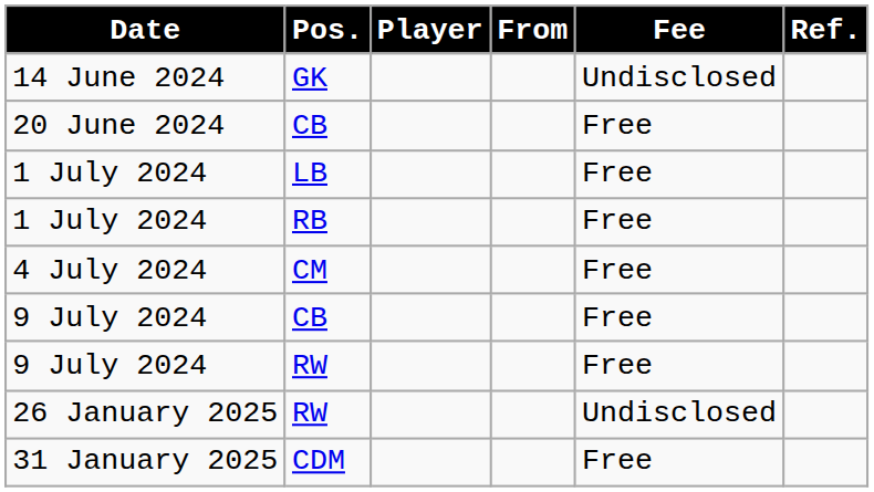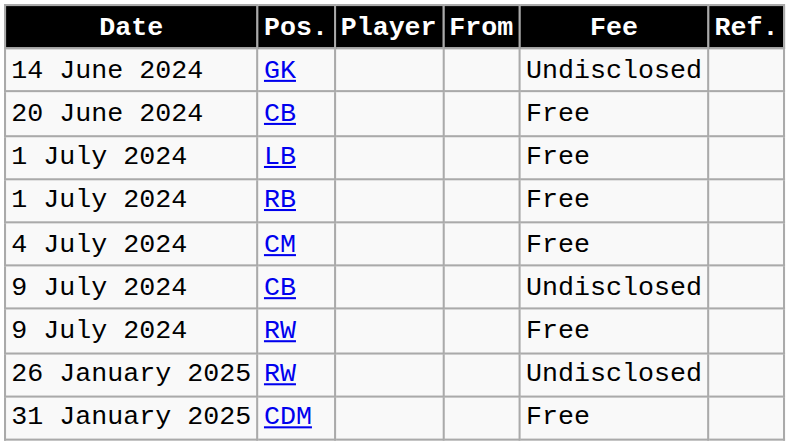 <table class="wikitable plainrowheaders sortable">
 <tr>
 <th style="background:black; color:#FFFFFF;">Date</th>
 <th style="background:black; color:#FFFFFF;">Pos.</th>
 <th style="background:black; color:#FFFFFF;">Player</th>
 <th style="background:black; color:#FFFFFF;">From</th>
 <th style="background:black; color:#FFFFFF;">Fee</th>
 <th style="background:black; color:#FFFFFF;">Ref.</th>
 </tr>
 <tr>
 <td>14 June 2024</td>
 <td><a href='#'>GK</a></td>
 <td></td>
 <td></td>
 <td>Undisclosed</td>
 <td></td>
 </tr>
 <tr>
 <td>20 June 2024</td>
 <td><a href='#'>CB</a></td>
 <td></td>
 <td></td>
 <td>Free</td>
 <td></td>
 </tr>
 <tr>
 <td>1 July 2024</td>
 <td><a href='#'>LB</a></td>
 <td></td>
 <td></td>
 <td>Free</td>
 <td></td>
 </tr>
 <tr>
 <td>1 July 2024</td>
 <td><a href='#'>RB</a></td>
 <td></td>
 <td></td>
 <td>Free</td>
 <td></td>
 </tr>
 <tr>
 <td>4 July 2024</td>
 <td><a href='#'>CM</a></td>
 <td></td>
 <td></td>
 <td>Free</td>
 <td></td>
 </tr>
 <tr>
 <td>9 July 2024</td>
 <td><a href='#'>CB</a></td>
 <td></td>
 <td></td>
-<td>Free</td>
+<td>Undisclosed</td>
 <td></td>
 </tr>
 <tr>
 <td>9 July 2024</td>
 <td><a href='#'>RW</a></td>
 <td></td>
 <td></td>
 <td>Free</td>
 <td></td>
 </tr>
 <tr>
 <td>26 January 2025</td>
 <td><a href='#'>RW</a></td>
 <td></td>
 <td></td>
 <td>Undisclosed</td>
 <td></td>
 </tr>
 <tr>
 <td>31 January 2025</td>
 <td><a href='#'>CDM</a></td>
 <td></td>
 <td></td>
 <td>Free</td>
 <td></td>
 </tr>
 </table>
